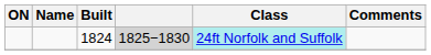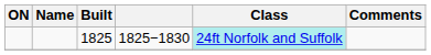 <table class="wikitable">
 <tr>
 <th>ON</th>
 <th>Name</th>
 <th>Built</th>
 <th></th>
 <th>Class</th>
 <th>Comments</th>
 </tr>
 <tr>
 <td></td>
 <td></td>
-<td>1824</td>
-<td style="background: lightgrey;">1825−1830</td>
+<td>1825</td>
+<td>1825−1830</td>
 <td style="background: paleturquoise;"><a href='#'>24ft Norfolk and Suffolk</a></td>
 <td></td>
 </tr>
 <tr>
 </tr>
 </table>
